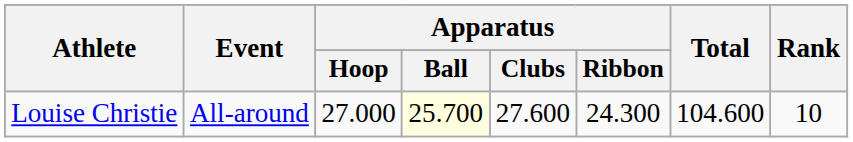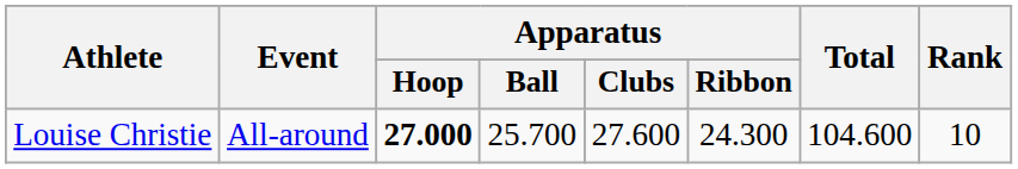 <table class=wikitable style="font-size:90%">
 <tr>
 <th rowspan=2>Athlete</th>
 <th rowspan=2>Event</th>
 <th colspan=4>Apparatus</th>
 <th rowspan=2>Total</th>
 <th rowspan=2>Rank</th>
 </tr>
 <tr style="font-size:95%;">
 <th>Hoop</th>
 <th>Ball</th>
 <th>Clubs</th>
 <th>Ribbon</th>
 </tr>
 <tr align=center>
 <td align=left><a href='#'>Louise Christie</a></td>
 <td align=left><a href='#'>All-around</a></td>
-<td>27.000</td>
-<td style="background: lightyellow;">25.700</td>
+<td><strong>27.000</strong></td>
+<td>25.700</td>
 <td>27.600</td>
 <td>24.300</td>
 <td>104.600</td>
 <td>10</td>
 </tr>
 </table>
